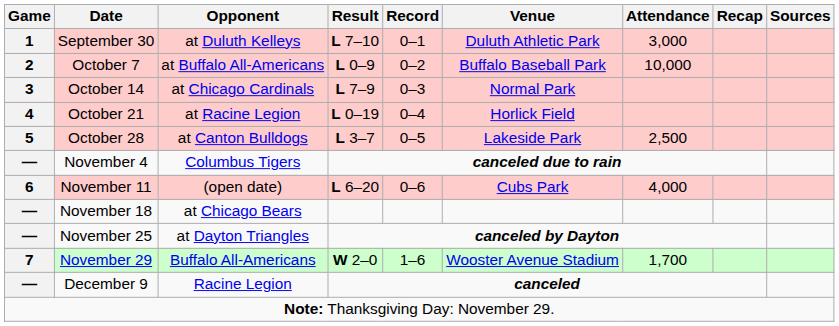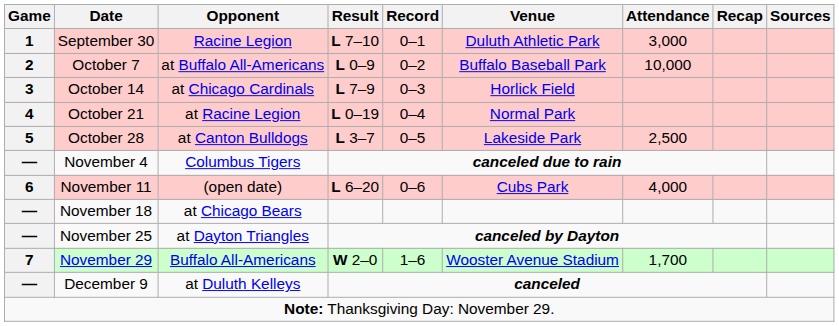 <table class="wikitable" style="text-align:center">
 <tr>
 <th>Game</th>
 <th>Date</th>
 <th>Opponent</th>
 <th>Result</th>
 <th>Record</th>
 <th>Venue</th>
 <th>Attendance</th>
 <th>Recap</th>
 <th>Sources</th>
 </tr>
 <tr style="background:#fcc">
 <th>1</th>
 <td>September 30</td>
-<td>at <a href='#'>Duluth Kelleys</a></td>
+<td><a href='#'>Racine Legion</a></td>
 <td><strong>L</strong> 7–10</td>
 <td>0–1</td>
 <td><a href='#'>Duluth Athletic Park</a></td>
 <td>3,000</td>
 <td></td>
 <td></td>
 </tr>
 <tr style="background:#fcc">
 <th>2</th>
 <td>October 7</td>
 <td>at <a href='#'>Buffalo All-Americans</a></td>
 <td><strong>L</strong> 0–9</td>
 <td>0–2</td>
 <td><a href='#'>Buffalo Baseball Park</a></td>
 <td>10,000</td>
 <td></td>
 <td></td>
 </tr>
 <tr style="background:#fcc">
 <th>3</th>
 <td>October 14</td>
 <td>at <a href='#'>Chicago Cardinals</a></td>
 <td><strong>L</strong> 7–9</td>
 <td>0–3</td>
-<td><a href='#'>Normal Park</a></td>
+<td><a href='#'>Horlick Field</a></td>
 <td></td>
 <td></td>
 <td></td>
 </tr>
 <tr style="background:#fcc">
 <th>4</th>
 <td>October 21</td>
 <td>at <a href='#'>Racine Legion</a></td>
 <td><strong>L</strong> 0–19</td>
 <td>0–4</td>
-<td><a href='#'>Horlick Field</a></td>
+<td><a href='#'>Normal Park</a></td>
 <td></td>
 <td></td>
 <td></td>
 </tr>
 <tr style="background:#fcc">
 <th>5</th>
 <td>October 28</td>
 <td>at <a href='#'>Canton Bulldogs</a></td>
 <td><strong>L</strong> 3–7</td>
 <td>0–5</td>
 <td><a href='#'>Lakeside Park</a></td>
 <td>2,500</td>
 <td></td>
 <td></td>
 </tr>
 <tr>
 <th>—</th>
 <td>November 4</td>
 <td><a href='#'>Columbus Tigers</a></td>
 <td colspan="5"><strong><em>canceled due to rain</em></strong></td>
 <td></td>
 </tr>
 <tr style="background:#fcc">
 <th>6</th>
 <td>November 11</td>
 <td>(open date)</td>
 <td><strong>L</strong> 6–20</td>
 <td>0–6</td>
 <td><a href='#'>Cubs Park</a></td>
 <td>4,000</td>
 <td></td>
 <td></td>
 </tr>
 <tr>
 <th>—</th>
 <td>November 18</td>
 <td>at <a href='#'>Chicago Bears</a></td>
 <td></td>
 <td></td>
 <td></td>
 <td></td>
 <td></td>
 <td></td>
 </tr>
 <tr>
 <th>—</th>
 <td>November 25</td>
 <td>at <a href='#'>Dayton Triangles</a></td>
 <td colspan="5"><strong><em>canceled by Dayton</em></strong></td>
 <td></td>
 </tr>
 <tr style="background:#cfc">
 <th>7</th>
 <td><a href='#'>November 29</a></td>
 <td><a href='#'>Buffalo All-Americans</a></td>
 <td><strong>W</strong> 2–0</td>
 <td>1–6</td>
 <td><a href='#'>Wooster Avenue Stadium</a></td>
 <td>1,700</td>
 <td></td>
 <td></td>
 </tr>
 <tr>
 <th>—</th>
 <td>December 9</td>
-<td><a href='#'>Racine Legion</a></td>
+<td>at <a href='#'>Duluth Kelleys</a></td>
 <td colspan="5"><strong><em>canceled</em></strong> </td>
 <td></td>
 </tr>
 <tr>
 <td colspan="10"><strong>Note:</strong> Thanksgiving Day: November 29.</td>
 </tr>
 </table>
